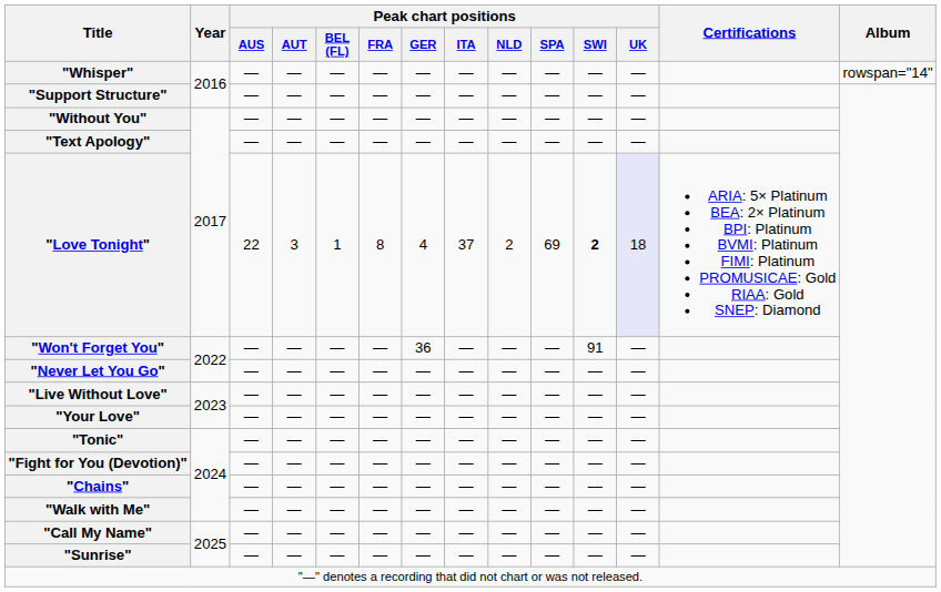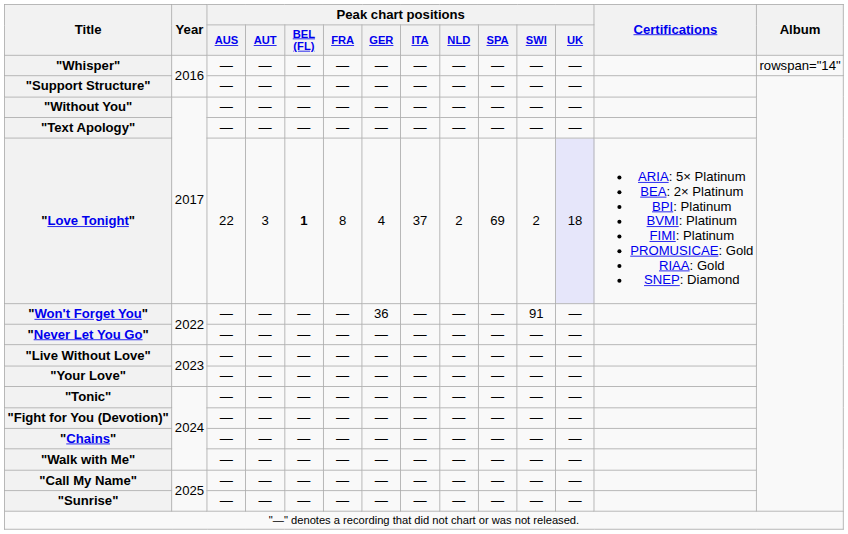 <table class="wikitable plainrowheaders" style="text-align:center;">
 <tr>
 <th scope="col" rowspan="2">Title</th>
 <th scope="col" rowspan="2">Year</th>
 <th scope="col" colspan="10">Peak chart positions</th>
 <th scope="col" rowspan="2"><a href='#'>Certifications</a></th>
 <th scope="col" rowspan="2">Album</th>
 </tr>
 <tr>
 <th style="width:3em;font-size:85%"><a href='#'>AUS</a><br></th>
 <th style="width:3em;font-size:85%"><a href='#'>AUT</a><br></th>
 <th style="width:3em;font-size:85%"><a href='#'>BEL<br>(FL)</a><br></th>
 <th style="width:3em;font-size:85%"><a href='#'>FRA</a><br></th>
 <th style="width:3em;font-size:85%"><a href='#'>GER</a><br></th>
 <th style="width:3em;font-size:85%"><a href='#'>ITA</a><br></th>
 <th style="width:3em;font-size:85%"><a href='#'>NLD</a><br></th>
 <th style="width:3em;font-size:85%"><a href='#'>SPA</a><br></th>
 <th style="width:3em;font-size:85%"><a href='#'>SWI</a><br></th>
 <th style="width:3em;font-size:85%"><a href='#'>UK</a><br></th>
 </tr>
 <tr>
 <th scope="row">"Whisper"<br></th>
 <td rowspan="2">2016</td>
 <td>—</td>
 <td>—</td>
 <td>—</td>
 <td>—</td>
 <td>—</td>
 <td>—</td>
 <td>—</td>
 <td>—</td>
 <td>—</td>
 <td>—</td>
 <td></td>
 <td>rowspan="14" </td>
 </tr>
 <tr>
 <th scope="row">"Support Structure"<br></th>
 <td>—</td>
 <td>—</td>
 <td>—</td>
 <td>—</td>
 <td>—</td>
 <td>—</td>
 <td>—</td>
 <td>—</td>
 <td>—</td>
 <td>—</td>
 <td></td>
 </tr>
 <tr>
 <th scope="row">"Without You"<br></th>
 <td rowspan="3">2017</td>
 <td>—</td>
 <td>—</td>
 <td>—</td>
 <td>—</td>
 <td>—</td>
 <td>—</td>
 <td>—</td>
 <td>—</td>
 <td>—</td>
 <td>—</td>
 <td></td>
 </tr>
 <tr>
 <th scope="row">"Text Apology"<br></th>
 <td>—</td>
 <td>—</td>
 <td>—</td>
 <td>—</td>
 <td>—</td>
 <td>—</td>
 <td>—</td>
 <td>—</td>
 <td>—</td>
 <td>—</td>
 <td></td>
 </tr>
 <tr>
 <th scope="row">"<a href='#'>Love Tonight</a>"</th>
 <td>22</td>
 <td>3</td>
-<td>1</td>
+<td><strong>1</strong></td>
 <td>8</td>
 <td>4</td>
 <td>37</td>
 <td>2</td>
 <td>69</td>
-<td><strong>2</strong></td>
+<td>2</td>
 <td style="background: lavender;">18</td>
 <td><br><ul><li><a href='#'>ARIA</a>: 5× Platinum</li><li><a href='#'>BEA</a>: 2× Platinum</li><li><a href='#'>BPI</a>: Platinum</li><li><a href='#'>BVMI</a>: Platinum</li><li><a href='#'>FIMI</a>: Platinum</li><li><a href='#'>PROMUSICAE</a>: Gold</li><li><a href='#'>RIAA</a>: Gold</li><li><a href='#'>SNEP</a>: Diamond</li></ul></td>
 </tr>
 <tr>
 <th scope="row">"<a href='#'>Won't Forget You</a>"</th>
 <td rowspan="2">2022</td>
 <td>—</td>
 <td>—</td>
 <td>—</td>
 <td>—</td>
 <td>36</td>
 <td>—</td>
 <td>—</td>
 <td>—</td>
 <td>91</td>
 <td>—</td>
 <td></td>
 </tr>
 <tr>
 <th scope="row">"<a href='#'>Never Let You Go</a>"<br></th>
 <td>—</td>
 <td>—</td>
 <td>—</td>
 <td>—</td>
 <td>—</td>
 <td>—</td>
 <td>—</td>
 <td>—</td>
 <td>—</td>
 <td>—</td>
 <td></td>
 </tr>
 <tr>
 <th scope="row">"Live Without Love"<br></th>
 <td rowspan="2">2023</td>
 <td>—</td>
 <td>—</td>
 <td>—</td>
 <td>—</td>
 <td>—</td>
 <td>—</td>
 <td>—</td>
 <td>—</td>
 <td>—</td>
 <td>—</td>
 <td></td>
 </tr>
 <tr>
 <th scope="row">"Your Love"<br></th>
 <td>—</td>
 <td>—</td>
 <td>—</td>
 <td>—</td>
 <td>—</td>
 <td>—</td>
 <td>—</td>
 <td>—</td>
 <td>—</td>
 <td>—</td>
 <td></td>
 </tr>
 <tr>
 <th scope="row">"Tonic"</th>
 <td rowspan="4">2024</td>
 <td>—</td>
 <td>—</td>
 <td>—</td>
 <td>—</td>
 <td>—</td>
 <td>—</td>
 <td>—</td>
 <td>—</td>
 <td>—</td>
 <td>—</td>
 <td></td>
 </tr>
 <tr>
 <th scope="row">"Fight for You (Devotion)"<br></th>
 <td>—</td>
 <td>—</td>
 <td>—</td>
 <td>—</td>
 <td>—</td>
 <td>—</td>
 <td>—</td>
 <td>—</td>
 <td>—</td>
 <td>—</td>
 <td></td>
 </tr>
 <tr>
 <th scope="row">"<a href='#'>Chains</a>"<br></th>
 <td>—</td>
 <td>—</td>
 <td>—</td>
 <td>—</td>
 <td>—</td>
 <td>—</td>
 <td>—</td>
 <td>—</td>
 <td>—</td>
 <td>—</td>
 <td></td>
 </tr>
 <tr>
 <th scope="row">"Walk with Me"<br></th>
 <td>—</td>
 <td>—</td>
 <td>—</td>
 <td>—</td>
 <td>—</td>
 <td>—</td>
 <td>—</td>
 <td>—</td>
 <td>—</td>
 <td>—</td>
 <td></td>
 </tr>
 <tr>
 <th scope="row">"Call My Name"</th>
 <td rowspan="2">2025</td>
 <td>—</td>
 <td>—</td>
 <td>—</td>
 <td>—</td>
 <td>—</td>
 <td>—</td>
 <td>—</td>
 <td>—</td>
 <td>—</td>
 <td>—</td>
 <td></td>
 </tr>
 <tr>
 <th scope="row">"Sunrise"</th>
 <td>—</td>
 <td>—</td>
 <td>—</td>
 <td>—</td>
 <td>—</td>
 <td>—</td>
 <td>—</td>
 <td>—</td>
 <td>—</td>
 <td>—</td>
 <td></td>
 </tr>
 <tr>
 <td colspan="15" style="font-size:85%">"—" denotes a recording that did not chart or was not released.</td>
 </tr>
 </table>
